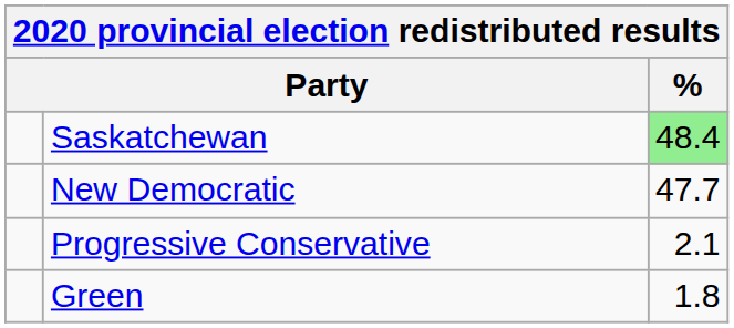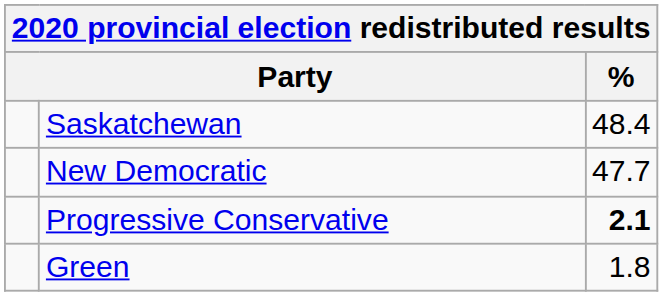 <table class="wikitable">
 <tr>
 <th colspan="4"><a href='#'>2020 provincial election</a> redistributed results</th>
 </tr>
 <tr>
 <th bgcolor="#DDDDFF" width="130px" colspan="2">Party</th>
 <th bgcolor="#DDDDFF" width="30px">%</th>
 </tr>
 <tr>
 <td> </td>
 <td><a href='#'>Saskatchewan</a></td>
-<td align=right style="background: lightgreen;">48.4</td>
+<td align=right>48.4</td>
 </tr>
 <tr>
 <td> </td>
 <td><a href='#'>New Democratic</a></td>
 <td align=right>47.7</td>
 </tr>
 <tr>
 <td> </td>
 <td><a href='#'>Progressive Conservative</a></td>
-<td align=right>2.1</td>
+<td align=right><strong>2.1</strong></td>
 </tr>
 <tr>
 <td> </td>
 <td><a href='#'>Green</a></td>
 <td align=right>1.8</td>
 </tr>
 </table>
